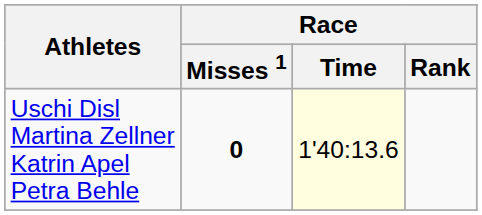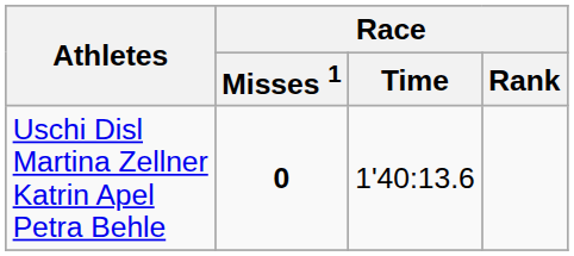 <table class="wikitable" border="1" style="font-size:90%">
 <tr>
 <th rowspan=2>Athletes</th>
 <th colspan=3>Race</th>
 </tr>
 <tr>
 <th>Misses <sup>1</sup></th>
 <th>Time</th>
 <th>Rank</th>
 </tr>
 <tr>
 <td><a href='#'>Uschi Disl</a><br><a href='#'>Martina Zellner</a><br><a href='#'>Katrin Apel</a><br><a href='#'>Petra Behle</a></td>
 <td align=center><strong>0</strong></td>
-<td align=center style="background: lightyellow;">1'40:13.6</td>
+<td align=center>1'40:13.6</td>
 <td align=center></td>
 </tr>
 </table>
